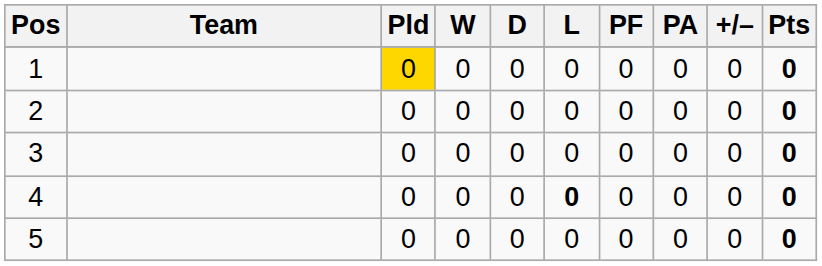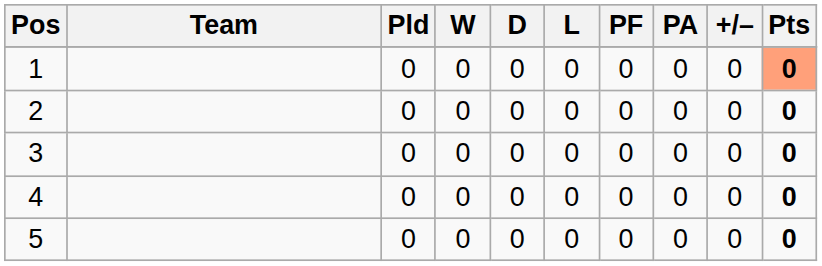 <table class="wikitable" style="text-align: center; font-size: 100%;">
 <tr>
 <th width=25>Pos</th>
 <th width=180>Team</th>
 <th width=25>Pld</th>
 <th width=25>W</th>
 <th width=25>D</th>
 <th width=25>L</th>
 <th width=25>PF</th>
 <th width=25>PA</th>
 <th width=25>+/–</th>
 <th width=25>Pts</th>
 </tr>
 <tr bgcolor="#ccffcc">
 </tr>
 <tr>
 <td>1</td>
 <td align="left"></td>
-<td style="background: gold;">0</td>
 <td>0</td>
 <td>0</td>
 <td>0</td>
 <td>0</td>
 <td>0</td>
 <td>0</td>
-<td><strong>0</strong></td>
+<td>0</td>
+<td style="background: lightsalmon;"><strong>0</strong></td>
 </tr>
 <tr>
 <td>2</td>
 <td align="left"></td>
 <td>0</td>
 <td>0</td>
 <td>0</td>
 <td>0</td>
 <td>0</td>
 <td>0</td>
 <td>0</td>
 <td><strong>0</strong></td>
 </tr>
 <tr>
 <td>3</td>
 <td align="left"></td>
 <td>0</td>
 <td>0</td>
 <td>0</td>
 <td>0</td>
 <td>0</td>
 <td>0</td>
 <td>0</td>
 <td><strong>0</strong></td>
 </tr>
 <tr>
 <td>4</td>
 <td align="left"></td>
 <td>0</td>
 <td>0</td>
 <td>0</td>
-<td><strong>0</strong></td>
+<td>0</td>
 <td>0</td>
 <td>0</td>
 <td>0</td>
 <td><strong>0</strong></td>
 </tr>
 <tr>
 <td>5</td>
 <td align="left"></td>
 <td>0</td>
 <td>0</td>
 <td>0</td>
 <td>0</td>
 <td>0</td>
 <td>0</td>
 <td>0</td>
 <td><strong>0</strong></td>
 </tr>
 </table>
